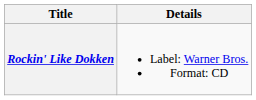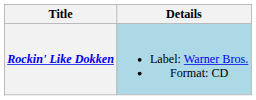 <table class="wikitable plainrowheaders" style="text-align:center;">
 <tr>
 <th scope="col">Title</th>
 <th scope="col">Details</th>
 </tr>
 <tr>
 <th scope="row"><em><a href='#'>Rockin' Like Dokken</a></em></th>
-<td><br><ul><li>Label: <a href='#'>Warner Bros.</a></li><li>Format: CD</li></ul></td>
+<td style="background: lightblue;"><br><ul><li>Label: <a href='#'>Warner Bros.</a></li><li>Format: CD</li></ul></td>
 </tr>
 </table>
